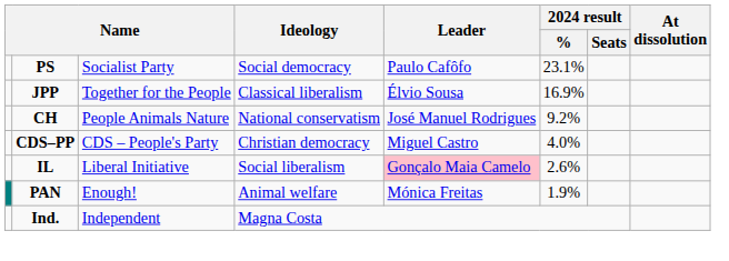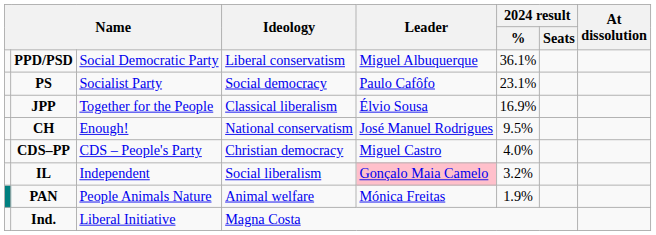 <table class="wikitable">
 <tr>
 <th rowspan="2" colspan="3">Name</th>
 <th rowspan="2">Ideology</th>
 <th rowspan="2">Leader</th>
 <th colspan="2">2024 result</th>
 <th rowspan="2">At<br>dissolution</th>
 </tr>
 <tr>
 <th>%</th>
 <th>Seats</th>
+</tr>
+<tr>
+<td style="color:inherit;background:"></td>
+<td style="text-align:center;"><strong>PPD/PSD</strong></td>
+<td><a href='#'>Social Democratic Party</a><br></td>
+<td><a href='#'>Liberal conservatism</a></td>
+<td><a href='#'>Miguel Albuquerque</a></td>
+<td style="text-align:center;">36.1%</td>
+<td></td>
+<td></td>
 </tr>
 <tr>
 <td style="color:inherit;background:"></td>
 <td style="text-align:center;"><strong>PS</strong></td>
 <td><a href='#'>Socialist Party</a><br></td>
 <td><a href='#'>Social democracy</a></td>
 <td><a href='#'>Paulo Cafôfo</a></td>
 <td style="text-align:center;">23.1%</td>
 <td></td>
 <td></td>
 </tr>
 <tr>
 <td style="color:inherit;background:"></td>
 <td style="text-align:center;"><strong>JPP</strong></td>
 <td><a href='#'>Together for the People</a><br></td>
 <td><a href='#'>Classical liberalism</a></td>
 <td><a href='#'>Élvio Sousa</a></td>
 <td style="text-align:center;">16.9%</td>
 <td></td>
 <td></td>
 </tr>
 <tr>
 <td style="color:inherit;background:"></td>
 <td style="text-align:center;"><strong>CH</strong></td>
-<td><a href='#'>People Animals Nature</a><br></td>
+<td><a href='#'>Enough!</a><br></td>
 <td><a href='#'>National conservatism</a></td>
 <td><a href='#'>José Manuel Rodrigues</a></td>
-<td style="text-align:center;">9.2%</td>
+<td style="text-align:center;">9.5%</td>
 <td></td>
 <td></td>
 </tr>
 <tr>
 <td style="color:inherit;background:"></td>
 <td style="text-align:center;"><strong>CDS–PP</strong></td>
 <td><a href='#'>CDS – People's Party</a><br></td>
 <td><a href='#'>Christian democracy</a></td>
 <td><a href='#'>Miguel Castro</a></td>
 <td style="text-align:center;">4.0%</td>
 <td></td>
 <td></td>
 </tr>
 <tr>
 <td style="color:inherit;background:"></td>
 <td style="text-align:center;"><strong>IL</strong></td>
-<td><a href='#'>Liberal Initiative</a><br></td>
+<td><a href='#'>Independent</a><br></td>
 <td><a href='#'>Social liberalism</a></td>
 <td style="background: pink;"><a href='#'>Gonçalo Maia Camelo</a></td>
-<td style="text-align:center;">2.6%</td>
+<td style="text-align:center;">3.2%</td>
 <td></td>
 <td></td>
 </tr>
 <tr>
 <td style="background:#008080;"></td>
 <td style="text-align:center;"><strong>PAN</strong></td>
-<td><a href='#'>Enough!</a><br></td>
+<td><a href='#'>People Animals Nature</a><br></td>
 <td><a href='#'>Animal welfare</a></td>
 <td><a href='#'>Mónica Freitas</a></td>
 <td style="text-align:center;">1.9%</td>
 <td></td>
 <td></td>
 </tr>
 <tr>
 <td style="color:inherit;background:"></td>
 <td style="text-align:center;"><strong>Ind.</strong></td>
-<td><a href='#'>Independent</a><br></td>
+<td><a href='#'>Liberal Initiative</a><br></td>
 <td colspan="4"><a href='#'>Magna Costa</a> </td>
 <td></td>
 </tr>
 </table>
